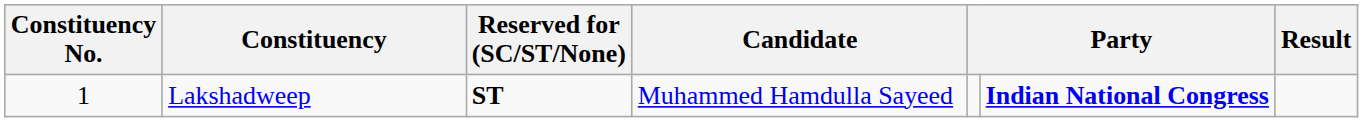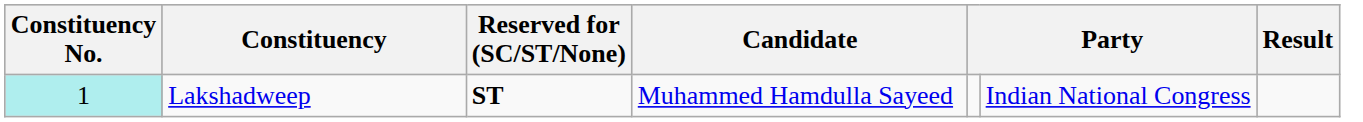 <table class= "wikitable sortable">
 <tr>
 <th>Constituency <br> No.</th>
 <th style="width:180px;">Constituency</th>
 <th>Reserved for<br>(SC/ST/None)</th>
 <th style="width:200px;">Candidate</th>
 <th colspan="2">Party</th>
 <th>Result</th>
 </tr>
 <tr>
-<td align="center">1</td>
+<td align="center" style="background: paleturquoise;">1</td>
 <td><a href='#'>Lakshadweep</a></td>
 <td><strong>ST</strong></td>
 <td><a href='#'>Muhammed Hamdulla Sayeed</a></td>
 <td bgcolor=></td>
-<td><strong><a href='#'>Indian National Congress</a></strong></td>
+<td><a href='#'>Indian National Congress</a></td>
 <td></td>
 </tr>
 </table>
